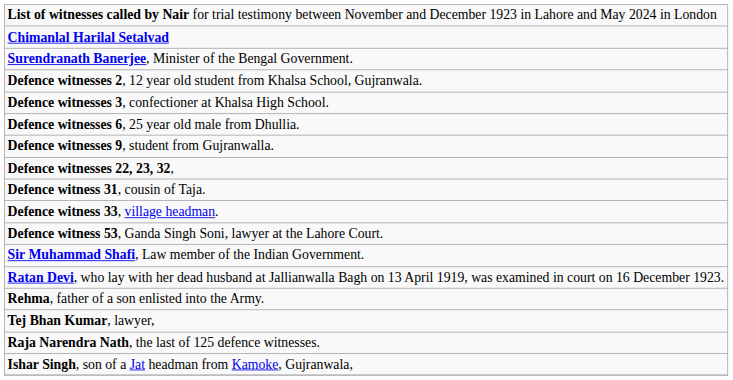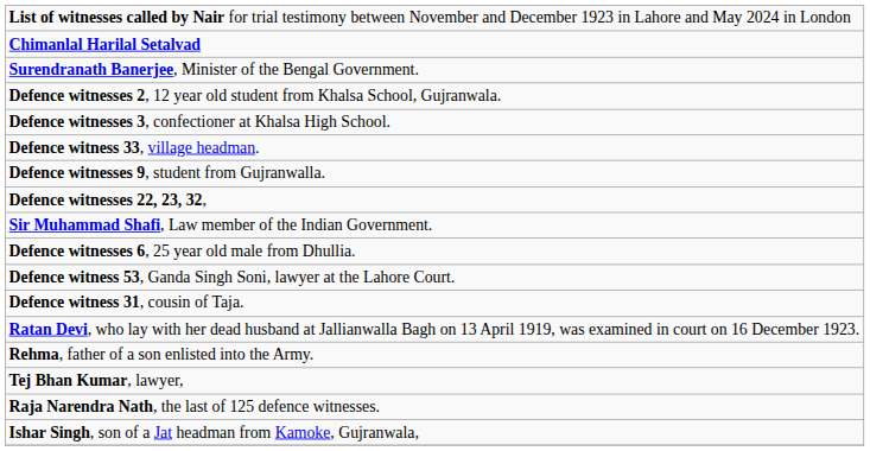 <table role="presentation" class="wikitable mw-collapsible mw-collapsed">
 <tr>
 <td + class="nowrap"><strong>List of witnesses called by Nair</strong> for trial testimony between November and December 1923 in Lahore and May 2024 in London</td>
 </tr>
 <tr>
 <td><strong><a href='#'>Chimanlal Harilal Setalvad</a></strong></td>
 </tr>
 <tr>
 <td><strong><a href='#'>Surendranath Banerjee</a></strong>, Minister of the Bengal Government.</td>
 </tr>
 <tr>
 <td><strong>Defence witnesses 2</strong>, 12 year old student from Khalsa School, Gujranwala.</td>
 </tr>
 <tr>
 <td><strong>Defence witnesses 3</strong>, confectioner at Khalsa High School.</td>
 </tr>
 <tr>
-<td><strong>Defence witnesses 6</strong>, 25 year old male from Dhullia.</td>
+<td><strong>Defence witness 33</strong>, <a href='#'>village headman</a>.</td>
 </tr>
 <tr>
 <td><strong>Defence witnesses 9</strong>, student from Gujranwalla.</td>
 </tr>
 <tr>
 <td><strong>Defence witnesses 22, 23, 32</strong>, </td>
 </tr>
 <tr>
-<td><strong>Defence witness 31</strong>, cousin of Taja.</td>
+<td><strong><a href='#'>Sir Muhammad Shafi</a></strong>, Law member of the Indian Government.</td>
 </tr>
 <tr>
-<td><strong>Defence witness 33</strong>, <a href='#'>village headman</a>.</td>
+<td><strong>Defence witnesses 6</strong>, 25 year old male from Dhullia.</td>
 </tr>
 <tr>
 <td><strong>Defence witness 53</strong>, Ganda Singh Soni, lawyer at the Lahore Court.</td>
 </tr>
 <tr>
-<td><strong><a href='#'>Sir Muhammad Shafi</a></strong>, Law member of the Indian Government.</td>
+<td><strong>Defence witness 31</strong>, cousin of Taja.</td>
 </tr>
 <tr>
 <td><strong><a href='#'>Ratan Devi</a></strong>, who lay with her dead husband at Jallianwalla Bagh on 13 April 1919, was examined in court on 16 December 1923.</td>
 </tr>
 <tr>
 <td><strong>Rehma</strong>, father of a son enlisted into the Army.</td>
 </tr>
 <tr>
 <td><strong>Tej Bhan Kumar</strong>, lawyer,</td>
 </tr>
 <tr>
 <td><strong>Raja Narendra Nath</strong>, the last of 125 defence witnesses.</td>
 </tr>
 <tr>
 <td><strong>Ishar Singh</strong>, son of a <a href='#'>Jat</a> headman from <a href='#'>Kamoke</a>, Gujranwala,</td>
 </tr>
 <tr>
 </tr>
 </table>
